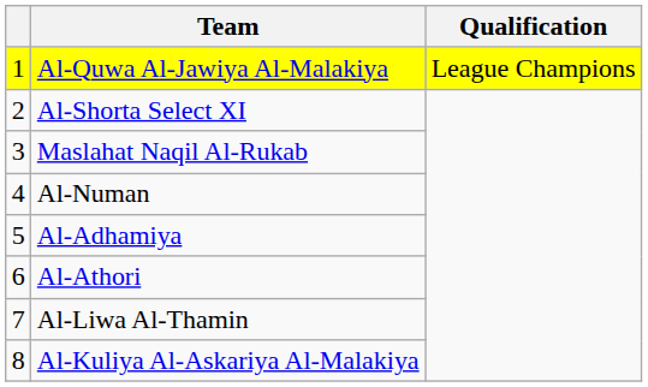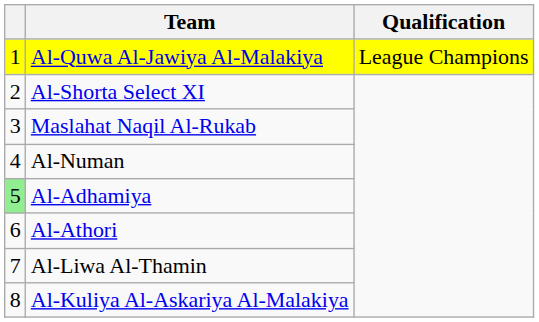 <table class="wikitable" style="text-align: center">
 <tr>
 <th><strong></strong></th>
 <th><strong>Team</strong></th>
 <th><strong>Qualification</strong></th>
 </tr>
 <tr>
 <td style="background:#FFFF00">1</td>
 <td style="background:#FFFF00; text-align: left"><a href='#'>Al-Quwa Al-Jawiya Al-Malakiya</a></td>
 <td style="background:#FFFF00">League Champions</td>
 </tr>
 <tr>
 <td>2</td>
 <td style="text-align: left"><a href='#'>Al-Shorta Select XI</a></td>
 </tr>
 <tr>
 <td>3</td>
 <td style="text-align: left"><a href='#'>Maslahat Naqil Al-Rukab</a></td>
 </tr>
 <tr>
 <td>4</td>
 <td style="text-align: left">Al-Numan</td>
 </tr>
 <tr>
-<td>5</td>
+<td style="background: lightgreen;">5</td>
 <td style="text-align: left"><a href='#'>Al-Adhamiya</a></td>
 </tr>
 <tr>
 <td>6</td>
 <td style="text-align: left"><a href='#'>Al-Athori</a></td>
 </tr>
 <tr>
 <td>7</td>
 <td style="text-align: left">Al-Liwa Al-Thamin</td>
 </tr>
 <tr>
 <td>8</td>
 <td style="text-align: left"><a href='#'>Al-Kuliya Al-Askariya Al-Malakiya</a></td>
 </tr>
 </table>
